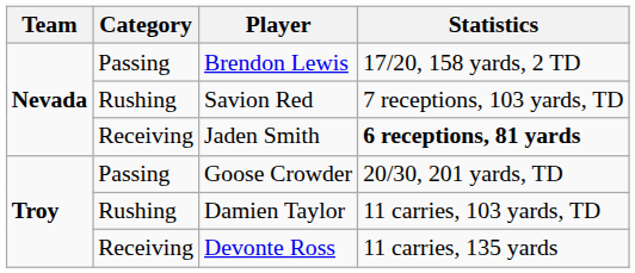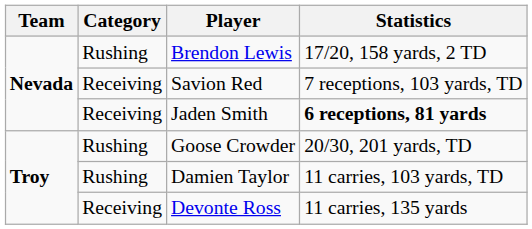 <table class="wikitable" style="float: right;">
 <tr>
 <th>Team</th>
 <th>Category</th>
 <th>Player</th>
 <th>Statistics</th>
 </tr>
 <tr>
 <td rowspan=3><strong>Nevada</strong></td>
-<td>Passing</td>
+<td>Rushing</td>
 <td><a href='#'>Brendon Lewis</a></td>
 <td>17/20, 158 yards, 2 TD</td>
 </tr>
 <tr>
-<td>Rushing</td>
+<td>Receiving</td>
 <td>Savion Red</td>
 <td>7 receptions, 103 yards, TD</td>
 </tr>
 <tr>
 <td>Receiving</td>
 <td>Jaden Smith</td>
 <td><strong>6 receptions, 81 yards</strong></td>
 </tr>
 <tr>
 <td rowspan=3><strong>Troy</strong></td>
-<td>Passing</td>
+<td>Rushing</td>
 <td>Goose Crowder</td>
 <td>20/30, 201 yards, TD</td>
 </tr>
 <tr>
 <td>Rushing</td>
 <td>Damien Taylor</td>
 <td>11 carries, 103 yards, TD</td>
 </tr>
 <tr>
 <td>Receiving</td>
 <td><a href='#'>Devonte Ross</a></td>
 <td>11 carries, 135 yards</td>
 </tr>
 </table>
